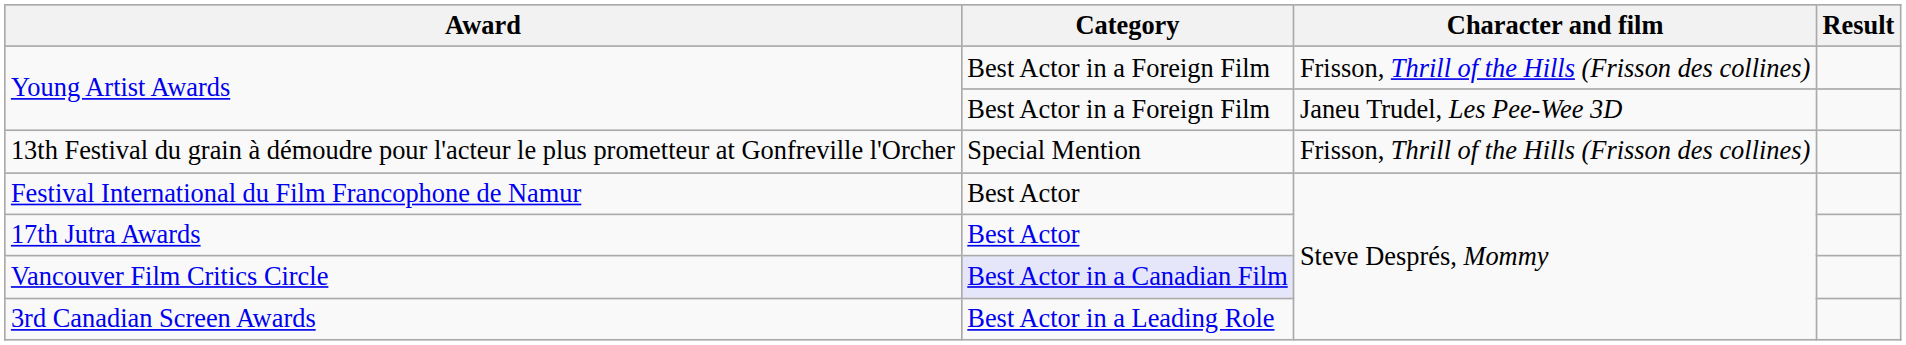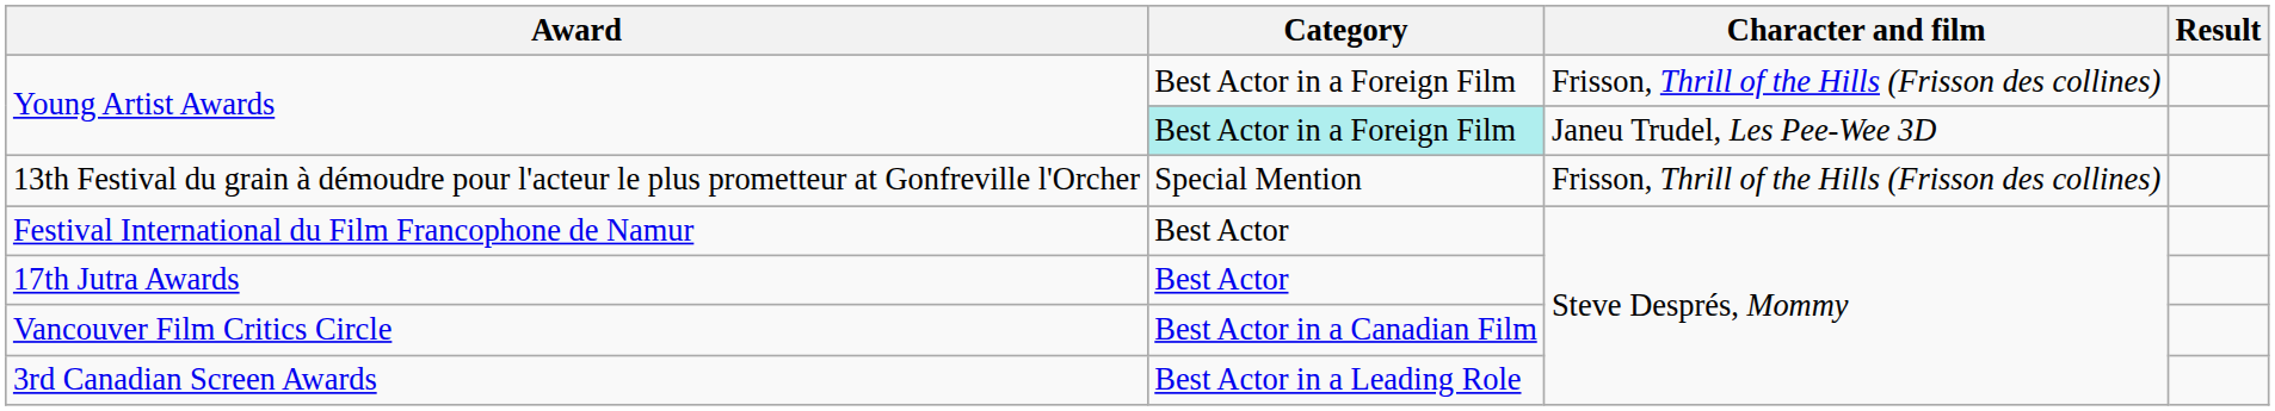 <table class="wikitable">
 <tr>
 <th>Award</th>
 <th>Category</th>
 <th>Character and film</th>
 <th>Result</th>
 </tr>
 <tr>
 <td rowspan="2"><a href='#'>Young Artist Awards</a></td>
 <td>Best Actor in a Foreign Film</td>
 <td>Frisson, <em><a href='#'>Thrill of the Hills</a> (Frisson des collines)</em></td>
 <td></td>
 </tr>
 <tr>
-<td>Best Actor in a Foreign Film</td>
+<td style="background: paleturquoise;">Best Actor in a Foreign Film</td>
 <td>Janeu Trudel, <em>Les Pee-Wee 3D</em></td>
 <td></td>
 </tr>
 <tr>
 <td>13th Festival du grain à démoudre pour l'acteur le plus prometteur at Gonfreville l'Orcher</td>
 <td>Special Mention</td>
 <td>Frisson, <em>Thrill of the Hills (Frisson des collines)</em></td>
 <td></td>
 </tr>
 <tr>
 <td><a href='#'>Festival International du Film Francophone de Namur</a></td>
 <td>Best Actor</td>
 <td rowspan=4>Steve Després, <em>Mommy</em></td>
 <td></td>
 </tr>
 <tr>
 <td><a href='#'>17th Jutra Awards</a></td>
 <td><a href='#'>Best Actor</a></td>
 <td></td>
 </tr>
 <tr>
 <td><a href='#'>Vancouver Film Critics Circle</a></td>
-<td style="background: lavender;"><a href='#'>Best Actor in a Canadian Film</a></td>
+<td><a href='#'>Best Actor in a Canadian Film</a></td>
 <td></td>
 </tr>
 <tr>
 <td><a href='#'>3rd Canadian Screen Awards</a></td>
 <td><a href='#'>Best Actor in a Leading Role</a></td>
 <td></td>
 </tr>
 </table>
